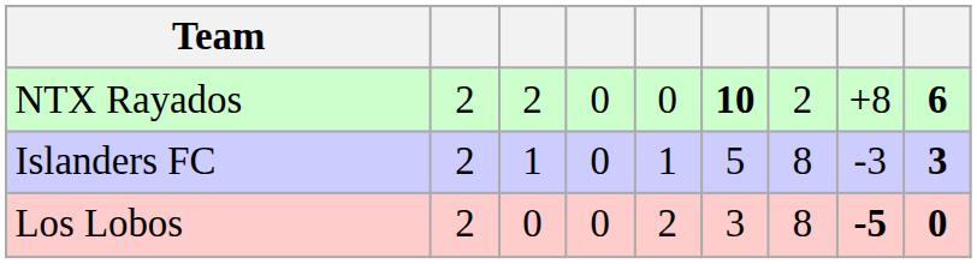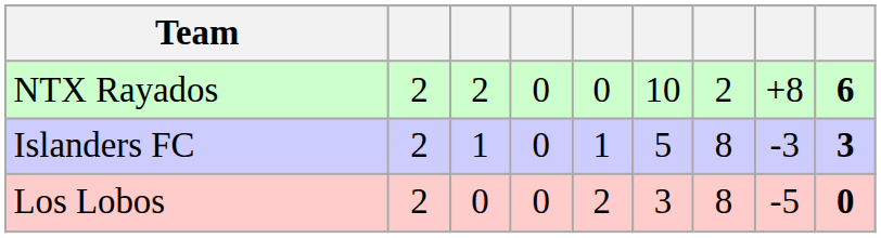 <table class=wikitable style="text-align:center">
 <tr>
 <th style="width:165px;">Team</th>
 <th width="20"></th>
 <th width="20"></th>
 <th width="20"></th>
 <th width="20"></th>
 <th width="20"></th>
 <th width="20"></th>
 <th width="20"></th>
 <th width="20"></th>
 </tr>
 <tr style="background: #ccffcc;">
 <td align=left> NTX Rayados</td>
 <td>2</td>
 <td>2</td>
 <td>0</td>
 <td>0</td>
-<td><strong>10</strong></td>
+<td>10</td>
 <td>2</td>
 <td>+8</td>
 <td><strong>6 </strong></td>
 </tr>
 <tr style="background: #ccccff;">
 <td align=left> Islanders FC</td>
 <td>2</td>
 <td>1</td>
 <td>0</td>
 <td>1</td>
 <td>5</td>
 <td>8</td>
 <td>-3</td>
 <td><strong>3 </strong></td>
 </tr>
 <tr style="background: #ffcccc;">
 <td align=left> Los Lobos</td>
 <td>2</td>
 <td>0</td>
 <td>0</td>
 <td>2</td>
 <td>3</td>
 <td>8</td>
-<td><strong>-5</strong></td>
+<td>-5</td>
 <td><strong>0 </strong></td>
 </tr>
 </table>
